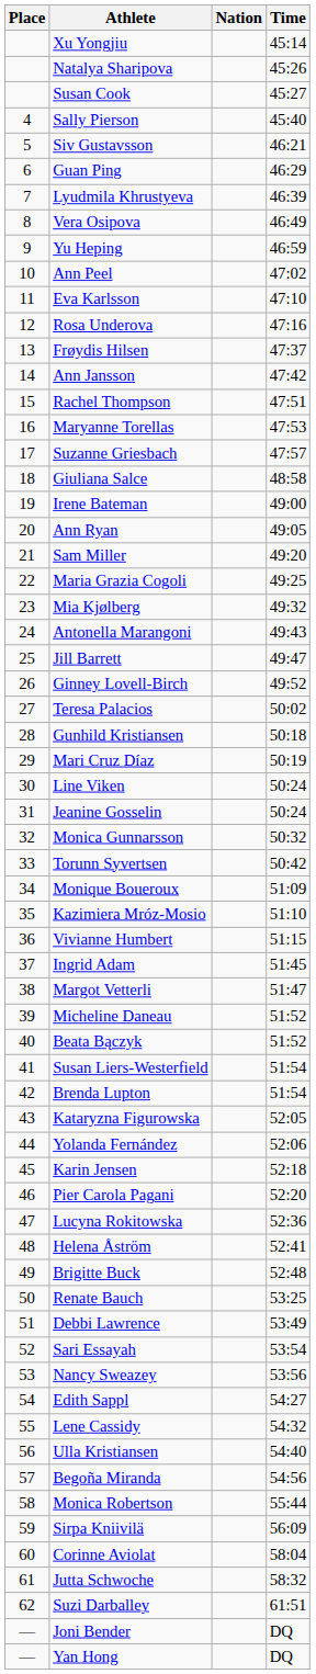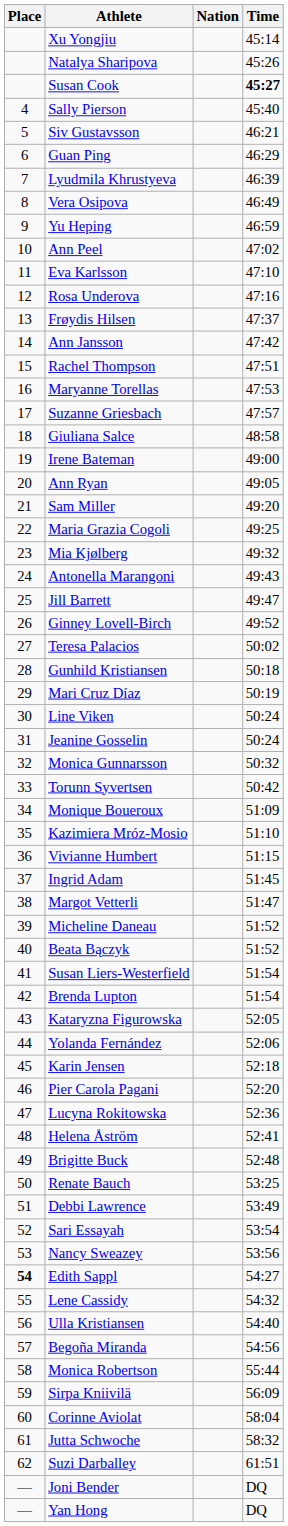 <table class=wikitable>
 <tr>
 <th>Place</th>
 <th>Athlete</th>
 <th>Nation</th>
 <th>Time</th>
 </tr>
 <tr>
 <td align=center></td>
 <td><a href='#'>Xu Yongjiu</a></td>
 <td></td>
 <td>45:14</td>
 </tr>
 <tr>
 <td align=center></td>
 <td><a href='#'>Natalya Sharipova</a></td>
 <td></td>
 <td>45:26</td>
 </tr>
 <tr>
 <td align=center></td>
 <td><a href='#'>Susan Cook</a></td>
 <td></td>
-<td>45:27</td>
+<td><strong>45:27</strong></td>
 </tr>
 <tr>
 <td align=center>4</td>
 <td><a href='#'>Sally Pierson</a></td>
 <td></td>
 <td>45:40</td>
 </tr>
 <tr>
 <td align=center>5</td>
 <td><a href='#'>Siv Gustavsson</a></td>
 <td></td>
 <td>46:21</td>
 </tr>
 <tr>
 <td align=center>6</td>
 <td><a href='#'>Guan Ping</a></td>
 <td></td>
 <td>46:29</td>
 </tr>
 <tr>
 <td align=center>7</td>
 <td><a href='#'>Lyudmila Khrustyeva</a></td>
 <td></td>
 <td>46:39</td>
 </tr>
 <tr>
 <td align=center>8</td>
 <td><a href='#'>Vera Osipova</a></td>
 <td></td>
 <td>46:49</td>
 </tr>
 <tr>
 <td align=center>9</td>
 <td><a href='#'>Yu Heping</a></td>
 <td></td>
 <td>46:59</td>
 </tr>
 <tr>
 <td align=center>10</td>
 <td><a href='#'>Ann Peel</a></td>
 <td></td>
 <td>47:02</td>
 </tr>
 <tr>
 <td align=center>11</td>
 <td><a href='#'>Eva Karlsson</a></td>
 <td></td>
 <td>47:10</td>
 </tr>
 <tr>
 <td align=center>12</td>
 <td><a href='#'>Rosa Underova</a></td>
 <td></td>
 <td>47:16</td>
 </tr>
 <tr>
 <td align=center>13</td>
 <td><a href='#'>Frøydis Hilsen</a></td>
 <td></td>
 <td>47:37</td>
 </tr>
 <tr>
 <td align=center>14</td>
 <td><a href='#'>Ann Jansson</a></td>
 <td></td>
 <td>47:42</td>
 </tr>
 <tr>
 <td align=center>15</td>
 <td><a href='#'>Rachel Thompson</a></td>
 <td></td>
 <td>47:51</td>
 </tr>
 <tr>
 <td align=center>16</td>
 <td><a href='#'>Maryanne Torellas</a></td>
 <td></td>
 <td>47:53</td>
 </tr>
 <tr>
 <td align=center>17</td>
 <td><a href='#'>Suzanne Griesbach</a></td>
 <td></td>
 <td>47:57</td>
 </tr>
 <tr>
 <td align=center>18</td>
 <td><a href='#'>Giuliana Salce</a></td>
 <td></td>
 <td>48:58</td>
 </tr>
 <tr>
 <td align=center>19</td>
 <td><a href='#'>Irene Bateman</a></td>
 <td></td>
 <td>49:00</td>
 </tr>
 <tr>
 <td align=center>20</td>
 <td><a href='#'>Ann Ryan</a></td>
 <td></td>
 <td>49:05</td>
 </tr>
 <tr>
 <td align=center>21</td>
 <td><a href='#'>Sam Miller</a></td>
 <td></td>
 <td>49:20</td>
 </tr>
 <tr>
 <td align=center>22</td>
 <td><a href='#'>Maria Grazia Cogoli</a></td>
 <td></td>
 <td>49:25</td>
 </tr>
 <tr>
 <td align=center>23</td>
 <td><a href='#'>Mia Kjølberg</a></td>
 <td></td>
 <td>49:32</td>
 </tr>
 <tr>
 <td align=center>24</td>
 <td><a href='#'>Antonella Marangoni</a></td>
 <td></td>
 <td>49:43</td>
 </tr>
 <tr>
 <td align=center>25</td>
 <td><a href='#'>Jill Barrett</a></td>
 <td></td>
 <td>49:47</td>
 </tr>
 <tr>
 <td align=center>26</td>
 <td><a href='#'>Ginney Lovell-Birch</a></td>
 <td></td>
 <td>49:52</td>
 </tr>
 <tr>
 <td align=center>27</td>
 <td><a href='#'>Teresa Palacios</a></td>
 <td></td>
 <td>50:02</td>
 </tr>
 <tr>
 <td align=center>28</td>
 <td><a href='#'>Gunhild Kristiansen</a></td>
 <td></td>
 <td>50:18</td>
 </tr>
 <tr>
 <td align=center>29</td>
 <td><a href='#'>Mari Cruz Díaz</a></td>
 <td></td>
 <td>50:19</td>
 </tr>
 <tr>
 <td align=center>30</td>
 <td><a href='#'>Line Viken</a></td>
 <td></td>
 <td>50:24</td>
 </tr>
 <tr>
 <td align=center>31</td>
 <td><a href='#'>Jeanine Gosselin</a></td>
 <td></td>
 <td>50:24</td>
 </tr>
 <tr>
 <td align=center>32</td>
 <td><a href='#'>Monica Gunnarsson</a></td>
 <td></td>
 <td>50:32</td>
 </tr>
 <tr>
 <td align=center>33</td>
 <td><a href='#'>Torunn Syvertsen</a></td>
 <td></td>
 <td>50:42</td>
 </tr>
 <tr>
 <td align=center>34</td>
 <td><a href='#'>Monique Boueroux</a></td>
 <td></td>
 <td>51:09</td>
 </tr>
 <tr>
 <td align=center>35</td>
 <td><a href='#'>Kazimiera Mróz-Mosio</a></td>
 <td></td>
 <td>51:10</td>
 </tr>
 <tr>
 <td align=center>36</td>
 <td><a href='#'>Vivianne Humbert</a></td>
 <td></td>
 <td>51:15</td>
 </tr>
 <tr>
 <td align=center>37</td>
 <td><a href='#'>Ingrid Adam</a></td>
 <td></td>
 <td>51:45</td>
 </tr>
 <tr>
 <td align=center>38</td>
 <td><a href='#'>Margot Vetterli</a></td>
 <td></td>
 <td>51:47</td>
 </tr>
 <tr>
 <td align=center>39</td>
 <td><a href='#'>Micheline Daneau</a></td>
 <td></td>
 <td>51:52</td>
 </tr>
 <tr>
 <td align=center>40</td>
 <td><a href='#'>Beata Bączyk</a></td>
 <td></td>
 <td>51:52</td>
 </tr>
 <tr>
 <td align=center>41</td>
 <td><a href='#'>Susan Liers-Westerfield</a></td>
 <td></td>
 <td>51:54</td>
 </tr>
 <tr>
 <td align=center>42</td>
 <td><a href='#'>Brenda Lupton</a></td>
 <td></td>
 <td>51:54</td>
 </tr>
 <tr>
 <td align=center>43</td>
 <td><a href='#'>Kataryzna Figurowska</a></td>
 <td></td>
 <td>52:05</td>
 </tr>
 <tr>
 <td align=center>44</td>
 <td><a href='#'>Yolanda Fernández</a></td>
 <td></td>
 <td>52:06</td>
 </tr>
 <tr>
 <td align=center>45</td>
 <td><a href='#'>Karin Jensen</a></td>
 <td></td>
 <td>52:18</td>
 </tr>
 <tr>
 <td align=center>46</td>
 <td><a href='#'>Pier Carola Pagani</a></td>
 <td></td>
 <td>52:20</td>
 </tr>
 <tr>
 <td align=center>47</td>
 <td><a href='#'>Lucyna Rokitowska</a></td>
 <td></td>
 <td>52:36</td>
 </tr>
 <tr>
 <td align=center>48</td>
 <td><a href='#'>Helena Åström</a></td>
 <td></td>
 <td>52:41</td>
 </tr>
 <tr>
 <td align=center>49</td>
 <td><a href='#'>Brigitte Buck</a></td>
 <td></td>
 <td>52:48</td>
 </tr>
 <tr>
 <td align=center>50</td>
 <td><a href='#'>Renate Bauch</a></td>
 <td></td>
 <td>53:25</td>
 </tr>
 <tr>
 <td align=center>51</td>
 <td><a href='#'>Debbi Lawrence</a></td>
 <td></td>
 <td>53:49</td>
 </tr>
 <tr>
 <td align=center>52</td>
 <td><a href='#'>Sari Essayah</a></td>
 <td></td>
 <td>53:54</td>
 </tr>
 <tr>
 <td align=center>53</td>
 <td><a href='#'>Nancy Sweazey</a></td>
 <td></td>
 <td>53:56</td>
 </tr>
 <tr>
-<td align=center>54</td>
+<td align=center><strong>54</strong></td>
 <td><a href='#'>Edith Sappl</a></td>
 <td></td>
 <td>54:27</td>
 </tr>
 <tr>
 <td align=center>55</td>
 <td><a href='#'>Lene Cassidy</a></td>
 <td></td>
 <td>54:32</td>
 </tr>
 <tr>
 <td align=center>56</td>
 <td><a href='#'>Ulla Kristiansen</a></td>
 <td></td>
 <td>54:40</td>
 </tr>
 <tr>
 <td align=center>57</td>
 <td><a href='#'>Begoña Miranda</a></td>
 <td></td>
 <td>54:56</td>
 </tr>
 <tr>
 <td align=center>58</td>
 <td><a href='#'>Monica Robertson</a></td>
 <td></td>
 <td>55:44</td>
 </tr>
 <tr>
 <td align=center>59</td>
 <td><a href='#'>Sirpa Kniivilä</a></td>
 <td></td>
 <td>56:09</td>
 </tr>
 <tr>
 <td align=center>60</td>
 <td><a href='#'>Corinne Aviolat</a></td>
 <td></td>
 <td>58:04</td>
 </tr>
 <tr>
 <td align=center>61</td>
 <td><a href='#'>Jutta Schwoche</a></td>
 <td></td>
 <td>58:32</td>
 </tr>
 <tr>
 <td align=center>62</td>
 <td><a href='#'>Suzi Darballey</a></td>
 <td></td>
 <td>61:51</td>
 </tr>
 <tr>
 <td align=center>—</td>
 <td><a href='#'>Joni Bender</a></td>
 <td></td>
 <td>DQ</td>
 </tr>
 <tr>
 <td align=center>—</td>
 <td><a href='#'>Yan Hong</a></td>
 <td></td>
 <td>DQ</td>
 </tr>
 </table>
